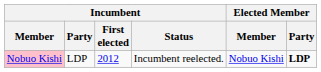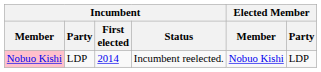 <table class="wikitable sortable">
 <tr>
 <th colspan=4>Incumbent</th>
 <th colspan=2>Elected Member</th>
 </tr>
 <tr>
 <th>Member</th>
 <th>Party</th>
 <th>First<br>elected</th>
 <th>Status</th>
 <th>Member</th>
 <th>Party</th>
 </tr>
 <tr>
 <td style="background: pink;"><a href='#'>Nobuo Kishi</a></td>
 <td>LDP</td>
-<td><a href='#'>2012</a></td>
+<td><a href='#'>2014</a></td>
 <td>Incumbent reelected.</td>
 <td><a href='#'>Nobuo Kishi</a></td>
-<td><strong>LDP</strong></td>
+<td>LDP</td>
 </tr>
 </table>
